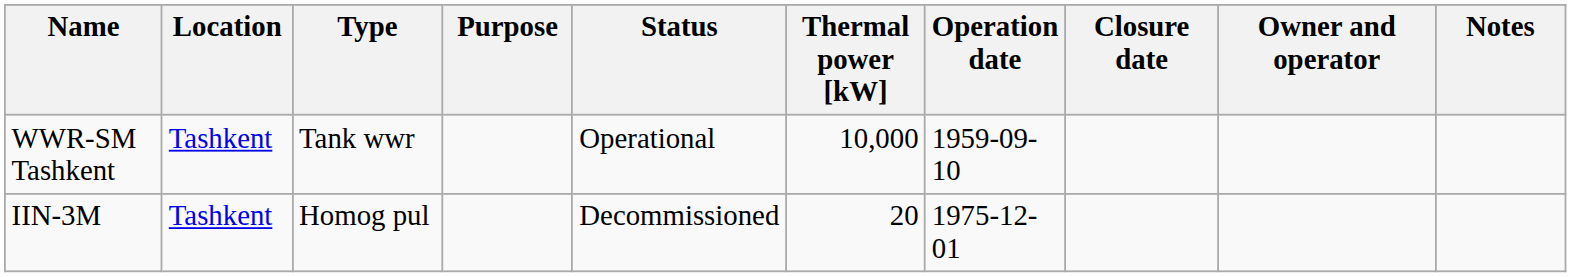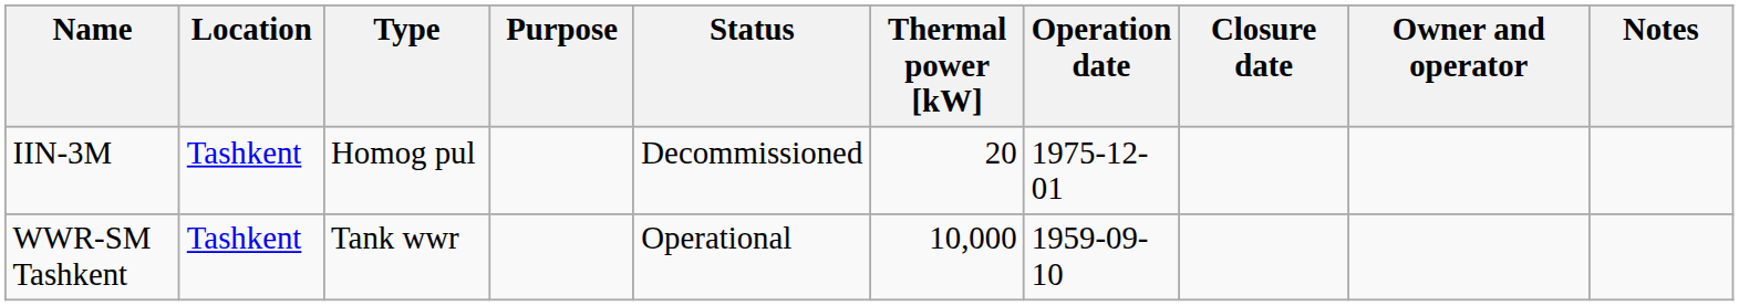 <table class="wikitable" >
 <tr valign="top">
 <th width="80">Name</th>
 <th width="65">Location</th>
 <th width="76">Type</th>
 <th width="65">Purpose</th>
 <th width="91">Status</th>
 <th width="70“">Thermal power [kW]</th>
 <th width=„67“>Operation date</th>
 <th width="78“">Closure date</th>
 <th width="113“">Owner and operator</th>
 <th width="65">Notes</th>
 </tr>
 <tr valign="top">
+<td>IIN-3M</td>
+<td><a href='#'>Tashkent</a></td>
+<td>Homog pul</td>
+<td></td>
+<td>Decommissioned</td>
+<td align="right">20</td>
+<td>1975-12-01</td>
+<td></td>
+<td></td>
+<td></td>
+</tr>
+<tr valign="top">
 <td>WWR-SM Tashkent</td>
 <td><a href='#'>Tashkent</a></td>
 <td>Tank wwr</td>
 <td></td>
 <td>Operational</td>
 <td align="right">10,000</td>
 <td>1959-09-10</td>
 <td></td>
 <td></td>
 <td></td>
 </tr>
-<tr valign="top">
-<td>IIN-3M</td>
-<td><a href='#'>Tashkent</a></td>
-<td>Homog pul</td>
-<td></td>
-<td>Decommissioned</td>
-<td align="right">20</td>
-<td>1975-12-01</td>
-<td></td>
-<td></td>
-<td></td>
-</tr>
 </table>
